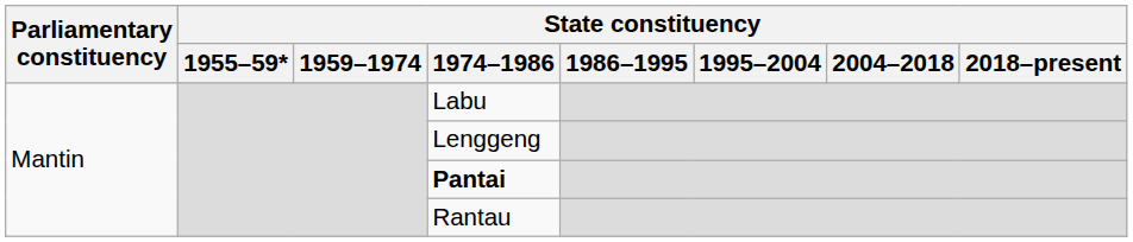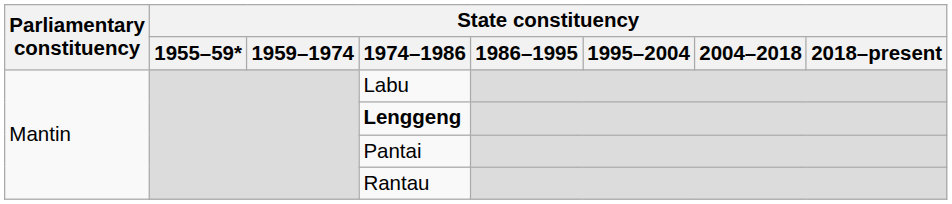 <table class="wikitable">
 <tr>
 <th rowspan="2">Parliamentary<br>constituency</th>
 <th colspan="7">State constituency</th>
 </tr>
 <tr>
 <th>1955–59*</th>
 <th>1959–1974</th>
 <th>1974–1986</th>
 <th>1986–1995</th>
 <th>1995–2004</th>
 <th>2004–2018</th>
 <th>2018–present</th>
 </tr>
 <tr>
 <td rowspan="4">Mantin</td>
 <td colspan="2" rowspan="4" bgcolor="dcdcdc"></td>
 <td>Labu</td>
 <td colspan="4" bgcolor="dcdcdc"></td>
 </tr>
 <tr>
-<td>Lenggeng</td>
+<td><strong>Lenggeng</strong></td>
 <td colspan="4" bgcolor="dcdcdc"></td>
 </tr>
 <tr>
-<td><strong>Pantai</strong></td>
+<td>Pantai</td>
 <td colspan="4" bgcolor="dcdcdc"></td>
 </tr>
 <tr>
 <td>Rantau</td>
 <td colspan="4" bgcolor="dcdcdc"></td>
 </tr>
 </table>
